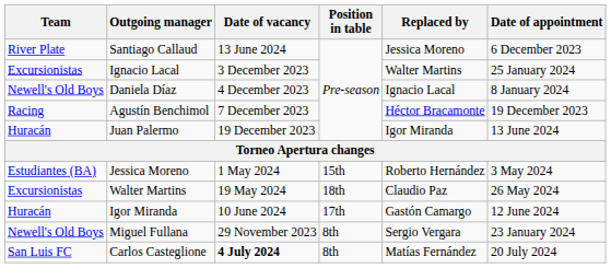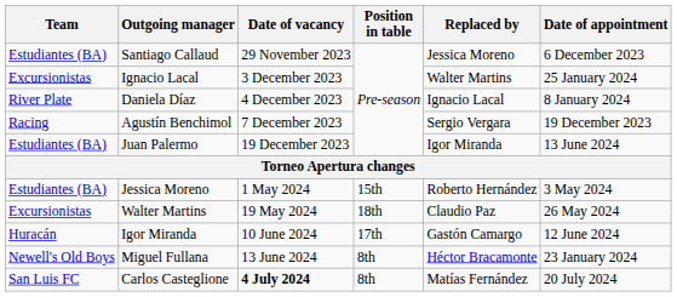 <table class="wikitable" border="1">
 <tr>
 <th>Team</th>
 <th>Outgoing manager</th>
 <th>Date of vacancy</th>
 <th>Position<br>in table</th>
 <th>Replaced by</th>
 <th>Date of appointment</th>
 </tr>
 <tr>
-<td><a href='#'>River Plate</a></td>
+<td><a href='#'>Estudiantes (BA)</a></td>
 <td> Santiago Callaud</td>
-<td>13 June 2024</td>
+<td>29 November 2023</td>
 <td rowspan=5><em>Pre-season</em></td>
 <td> Jessica Moreno</td>
 <td>6 December 2023</td>
 </tr>
 <tr>
 <td><a href='#'>Excursionistas</a></td>
 <td> Ignacio Lacal</td>
 <td>3 December 2023</td>
 <td> Walter Martins</td>
 <td>25 January 2024</td>
 </tr>
 <tr>
-<td><a href='#'>Newell's Old Boys</a></td>
+<td><a href='#'>River Plate</a></td>
 <td> Daniela Díaz</td>
 <td>4 December 2023</td>
 <td> Ignacio Lacal</td>
 <td>8 January 2024</td>
 </tr>
 <tr>
 <td><a href='#'>Racing</a></td>
 <td> Agustín Benchimol</td>
 <td>7 December 2023</td>
-<td> <a href='#'>Héctor Bracamonte</a></td>
+<td>  Sergio Vergara </td>
 <td>19 December 2023</td>
 </tr>
 <tr>
-<td><a href='#'>Huracán</a></td>
+<td><a href='#'>Estudiantes (BA)</a></td>
 <td> Juan Palermo</td>
 <td>19 December 2023</td>
 <td> Igor Miranda</td>
 <td>13 June 2024</td>
 </tr>
 <tr>
 <th colspan=7>Torneo Apertura changes</th>
 </tr>
 <tr>
 <td><a href='#'>Estudiantes (BA)</a></td>
 <td> Jessica Moreno</td>
 <td>1 May 2024</td>
 <td>15th</td>
 <td> Roberto Hernández</td>
 <td>3 May 2024</td>
 </tr>
 <tr>
 <td><a href='#'>Excursionistas</a></td>
 <td> Walter Martins</td>
 <td>19 May 2024</td>
 <td>18th</td>
 <td> Claudio Paz </td>
 <td>26 May 2024</td>
 </tr>
 <tr>
 <td><a href='#'>Huracán</a></td>
 <td> Igor Miranda</td>
 <td>10 June 2024</td>
 <td>17th</td>
 <td> Gastón Camargo </td>
 <td>12 June 2024</td>
 </tr>
 <tr>
 <td><a href='#'>Newell's Old Boys</a></td>
 <td> Miguel Fullana</td>
-<td>29 November 2023</td>
+<td>13 June 2024</td>
 <td>8th</td>
-<td>  Sergio Vergara </td>
+<td> <a href='#'>Héctor Bracamonte</a></td>
 <td>23 January 2024</td>
 </tr>
 <tr>
 <td><a href='#'>San Luis FC</a></td>
 <td> Carlos Casteglione</td>
 <td><strong>4 July 2024</strong></td>
 <td>8th</td>
 <td> Matías Fernández </td>
 <td>20 July 2024<br> </td>
 </tr>
 </table>
